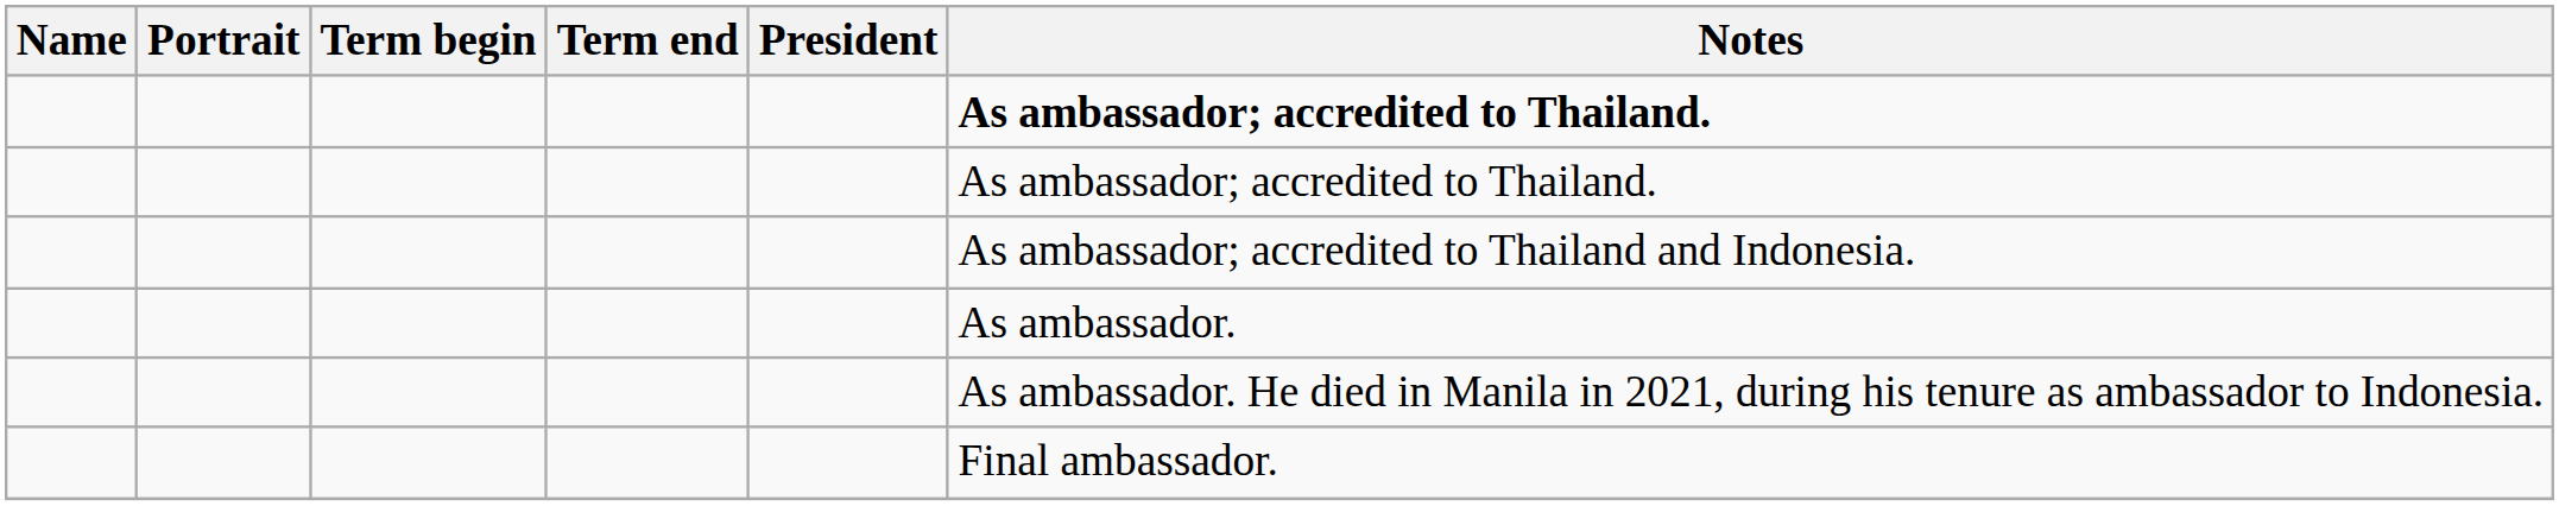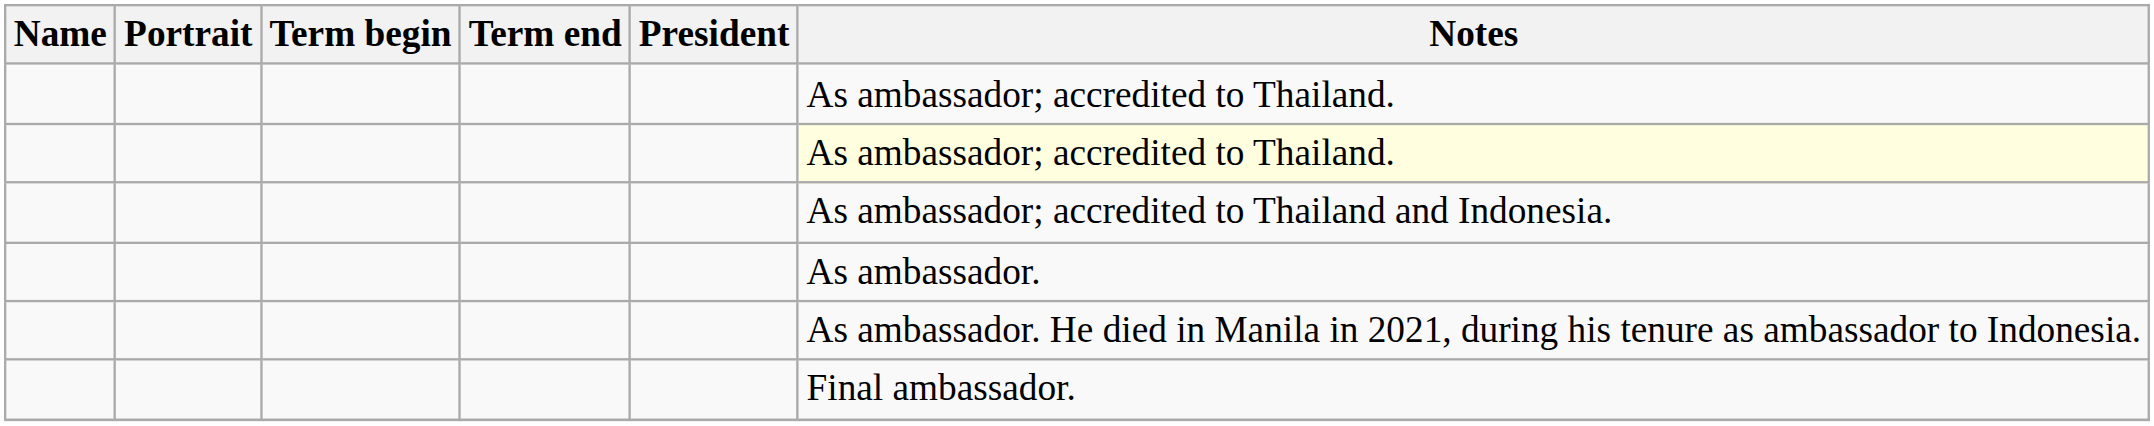 <table class="wikitable sortable"  text-align:center;">
 <tr>
 <th>Name</th>
 <th class="unsortable">Portrait</th>
 <th>Term begin</th>
 <th>Term end</th>
 <th>President</th>
 <th class="unsortable">Notes</th>
 </tr>
 <tr>
 <td></td>
 <td></td>
 <td></td>
 <td></td>
 <td></td>
-<td><strong>As ambassador; accredited to Thailand.</strong></td>
+<td>As ambassador; accredited to Thailand.</td>
 </tr>
 <tr>
 <td></td>
 <td></td>
 <td></td>
 <td></td>
 <td></td>
-<td>As ambassador; accredited to Thailand.</td>
+<td style="background: lightyellow;">As ambassador; accredited to Thailand.</td>
 </tr>
 <tr>
 <td></td>
 <td></td>
 <td></td>
 <td></td>
 <td></td>
 <td>As ambassador; accredited to Thailand and Indonesia.</td>
 </tr>
 <tr>
 <td></td>
 <td></td>
 <td></td>
 <td></td>
 <td></td>
 <td>As ambassador.</td>
 </tr>
 <tr>
 <td></td>
 <td></td>
 <td></td>
 <td></td>
 <td></td>
 <td>As ambassador. He died in Manila in 2021, during his tenure as ambassador to Indonesia.</td>
 </tr>
 <tr>
 <td></td>
 <td></td>
 <td></td>
 <td></td>
 <td></td>
 <td>Final ambassador.</td>
 </tr>
 <tr>
 </tr>
 </table>
